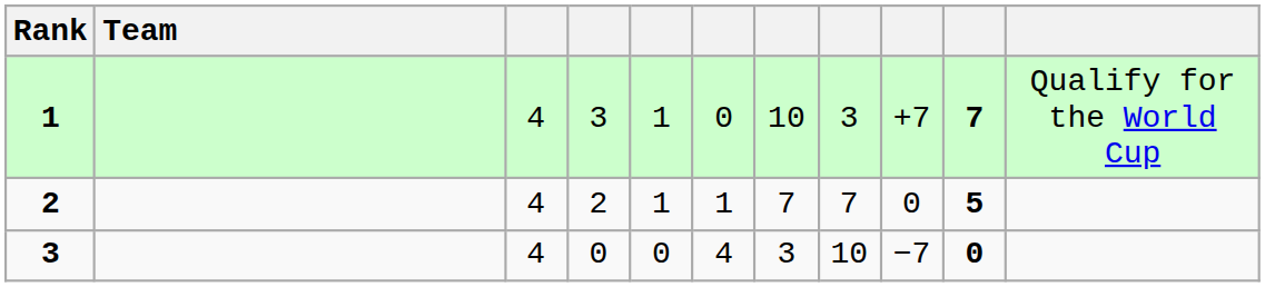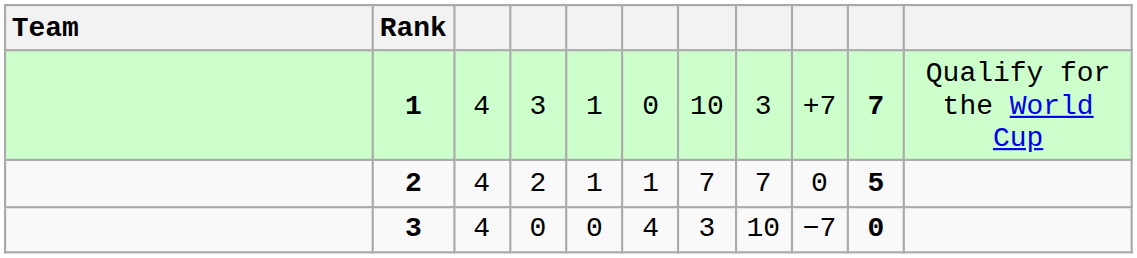 <table class="wikitable" style="text-align:center">
 <tr>
+<th width=165 style="text-align:left">Team</th>
 <th width=30>Rank</th>
-<th width=165 style="text-align:left">Team</th>
 <th width=20></th>
 <th width=20></th>
 <th width=20></th>
 <th width=20></th>
 <th width=20></th>
 <th width=20></th>
 <th width=20></th>
 <th width=20></th>
 <th width=100></th>
 </tr>
 <tr bgcolor="#ccffcc">
+<td align="left"></td>
 <td><strong>1</strong></td>
-<td align="left"></td>
 <td>4</td>
 <td>3</td>
 <td>1</td>
 <td>0</td>
 <td>10</td>
 <td>3</td>
 <td>+7</td>
 <td><strong>7</strong></td>
 <td col_=green1>Qualify for the <a href='#'>World Cup</a></td>
 </tr>
 <tr>
+<td align="left"></td>
 <td><strong>2</strong></td>
-<td align="left"></td>
 <td>4</td>
 <td>2</td>
 <td>1</td>
 <td>1</td>
 <td>7</td>
 <td>7</td>
 <td>0</td>
 <td><strong>5</strong></td>
 <td></td>
 </tr>
 <tr>
+<td align="left"></td>
 <td><strong>3</strong></td>
-<td align="left"></td>
 <td>4</td>
 <td>0</td>
 <td>0</td>
 <td>4</td>
 <td>3</td>
 <td>10</td>
 <td>−7</td>
 <td><strong>0</strong></td>
 <td></td>
 </tr>
 </table>
